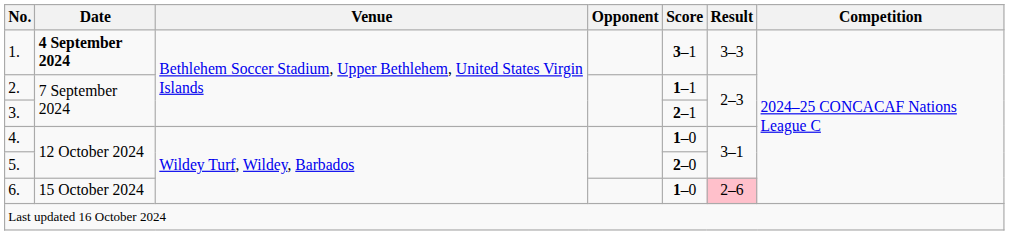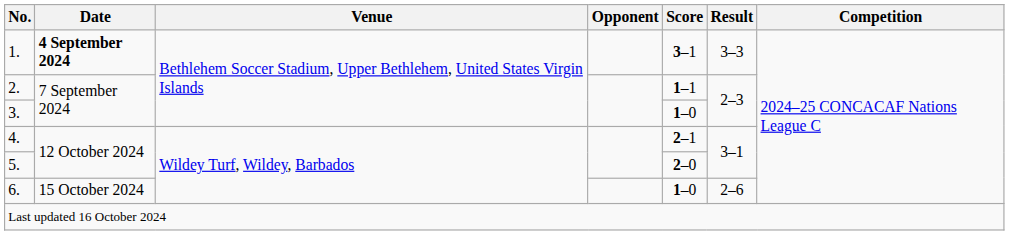 <table class="wikitable" style="font-size:85%;">
 <tr>
 <th>No.</th>
 <th>Date</th>
 <th>Venue</th>
 <th>Opponent</th>
 <th>Score</th>
 <th>Result</th>
 <th>Competition</th>
 </tr>
 <tr>
 <td>1.</td>
 <td><strong>4 September 2024</strong></td>
 <td rowspan=3><a href='#'>Bethlehem Soccer Stadium</a>, <a href='#'>Upper Bethlehem</a>, <a href='#'>United States Virgin Islands</a></td>
 <td></td>
 <td align=center><strong>3</strong>–1</td>
 <td align=center>3–3</td>
 <td rowspan=6><a href='#'>2024–25 CONCACAF Nations League C</a></td>
 </tr>
 <tr>
 <td>2.</td>
 <td rowspan=2>7 September 2024</td>
 <td rowspan=2></td>
 <td align=center><strong>1</strong>–1</td>
 <td rowspan=2; align=center>2–3</td>
 </tr>
 <tr>
 <td>3.</td>
-<td align=center><strong>2</strong>–1</td>
+<td align=center><strong>1</strong>–0</td>
 </tr>
 <tr>
 <td>4.</td>
 <td rowspan=2>12 October 2024</td>
 <td rowspan=3><a href='#'>Wildey Turf</a>, <a href='#'>Wildey</a>, <a href='#'>Barbados</a></td>
 <td rowspan=2></td>
-<td align=center><strong>1</strong>–0</td>
+<td align=center><strong>2</strong>–1</td>
 <td rowspan=2; align=center>3–1</td>
 </tr>
 <tr>
 <td>5.</td>
 <td align=center><strong>2</strong>–0</td>
 </tr>
 <tr>
 <td>6.</td>
 <td>15 October 2024</td>
 <td></td>
 <td align=center><strong>1</strong>–0</td>
-<td align=center style="background: pink;">2–6</td>
+<td align=center>2–6</td>
 </tr>
 <tr>
 <td colspan="7"><small>Last updated 16 October 2024 </small></td>
 </tr>
 </table>
